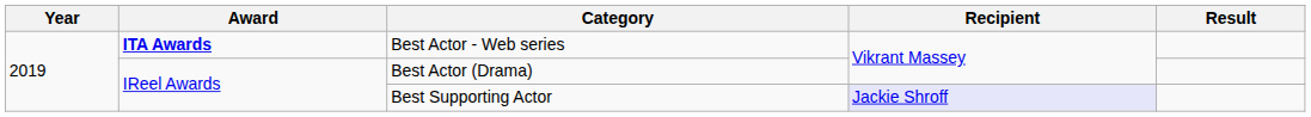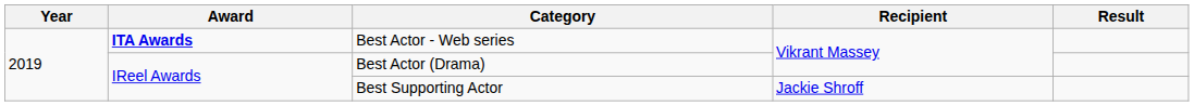 <table class="wikitable sortable" style="width: 99%;">
 <tr>
 <th>Year</th>
 <th>Award</th>
 <th>Category</th>
 <th>Recipient</th>
 <th>Result</th>
 </tr>
 <tr>
 <td rowspan="3">2019</td>
 <td><strong><a href='#'>ITA Awards</a></strong></td>
 <td>Best Actor - Web series</td>
 <td rowspan="2"><a href='#'>Vikrant Massey</a></td>
 <td></td>
 </tr>
 <tr>
 <td rowspan="2"><a href='#'>IReel Awards</a></td>
 <td>Best Actor (Drama)</td>
 <td></td>
 </tr>
 <tr>
 <td>Best Supporting Actor</td>
-<td style="background: lavender;"><a href='#'>Jackie Shroff</a></td>
+<td><a href='#'>Jackie Shroff</a></td>
 <td></td>
 </tr>
 </table>
